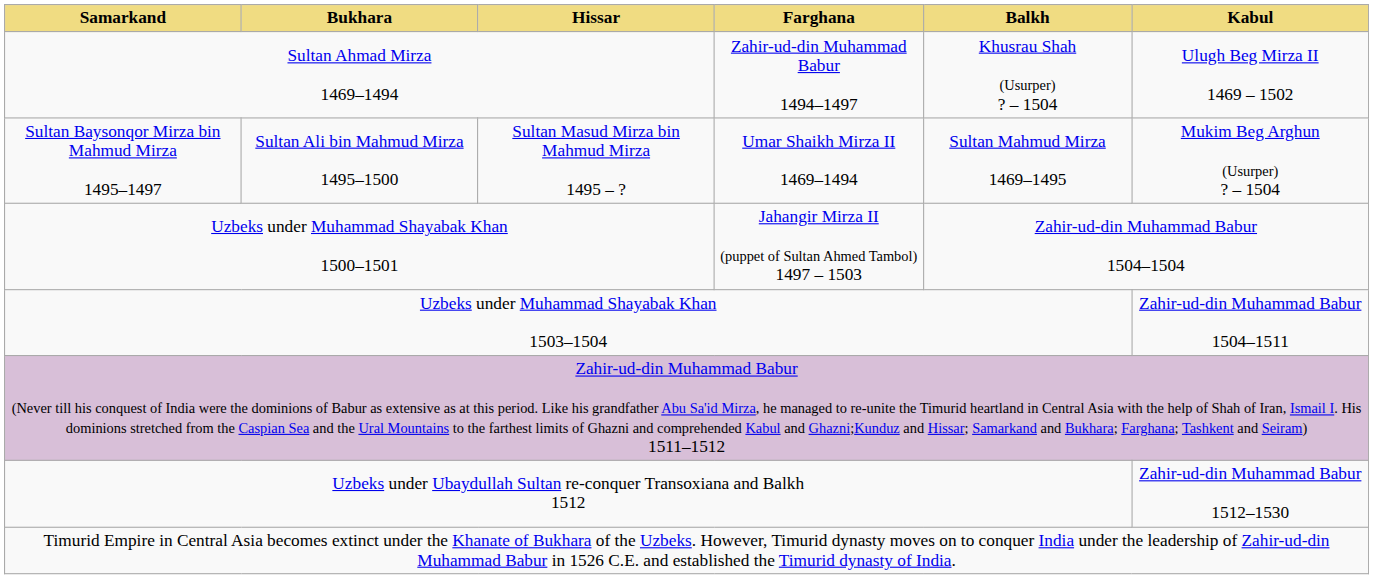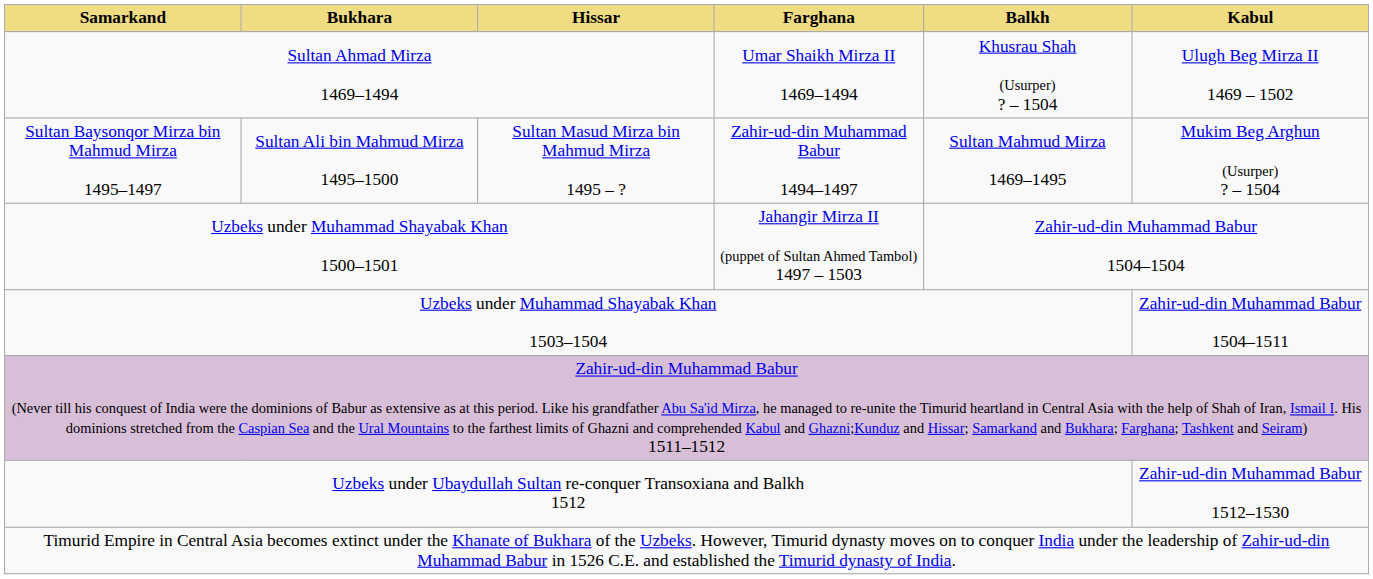 <table style="width:100%;" class="wikitable">
 <tr>
 <th style="background:#f0dc82; width:17%;">Samarkand</th>
 <th style="background:#f0dc82; width:17%;">Bukhara</th>
 <th style="background:#f0dc82; width:17%;">Hissar</th>
 <th style="background:#f0dc82; width:15%;">Farghana</th>
 <th style="background:#f0dc82; width:15%;">Balkh</th>
 <th style="background:#f0dc82; width:17%;">Kabul</th>
 </tr>
 <tr>
 <td colspan="3" style="text-align:center;"><a href='#'>Sultan Ahmad Mirza</a> <br> <small></small><br>1469–1494</td>
-<td style="text-align:center;"><a href='#'>Zahir-ud-din Muhammad Babur</a><br> <small></small><br>1494–1497</td>
+<td style="text-align:center;"><a href='#'>Umar Shaikh Mirza II</a> <br> <small></small><br>1469–1494</td>
 <td style="text-align:center;"><a href='#'>Khusrau Shah</a><small> <br> </small><br><small>(Usurper)</small><br>? – 1504</td>
 <td style="text-align:center;"><a href='#'>Ulugh Beg Mirza II</a><br> <small></small><br>1469 – 1502</td>
 </tr>
 <tr>
 <td style="text-align:center;"><a href='#'>Sultan Baysonqor Mirza bin Mahmud Mirza</a> <br> <small></small><br>1495–1497</td>
 <td style="text-align:center;"><a href='#'>Sultan Ali bin Mahmud Mirza</a> <br> <small></small><br>1495–1500</td>
 <td style="text-align:center;"><a href='#'>Sultan Masud Mirza bin Mahmud Mirza</a><br> <small></small><br>1495 – ?</td>
-<td style="text-align:center;"><a href='#'>Umar Shaikh Mirza II</a> <br> <small></small><br>1469–1494</td>
+<td style="text-align:center;"><a href='#'>Zahir-ud-din Muhammad Babur</a><br> <small></small><br>1494–1497</td>
 <td style="text-align:center;"><a href='#'>Sultan Mahmud Mirza</a><br> <small></small><br>1469–1495</td>
 <td style="text-align:center;"><a href='#'>Mukim Beg Arghun</a> <br> <small></small><br><small>(Usurper)</small><br>? – 1504</td>
 </tr>
 <tr>
 <td colspan="3" style="text-align:center;"><a href='#'>Uzbeks</a> under <a href='#'>Muhammad Shayabak Khan</a><br> <small></small><br>1500–1501</td>
 <td style="text-align:center;"><a href='#'>Jahangir Mirza II</a><br> <small></small><br><small>(puppet of Sultan Ahmed Tambol)</small><br>1497 – 1503</td>
 <td colspan="5" style="text-align:center;"><a href='#'>Zahir-ud-din Muhammad Babur</a><br> <small></small><br>1504–1504</td>
 </tr>
 <tr>
 <td colspan="5" style="text-align:center;"><a href='#'>Uzbeks</a> under <a href='#'>Muhammad Shayabak Khan</a><br> <small></small><br>1503–1504</td>
 <td style="text-align:center;"><a href='#'>Zahir-ud-din Muhammad Babur</a><br> <small></small><br>1504–1511</td>
 </tr>
 <tr style="background:thistle;">
 <td colspan="6" style="text-align:center;"><a href='#'>Zahir-ud-din Muhammad Babur</a><br> <small></small><br> <small>(Never till his conquest of India were the dominions of Babur as extensive as at this period. Like his grandfather <a href='#'>Abu Sa'id Mirza</a>, he managed to re-unite the Timurid heartland in Central Asia with the help of Shah of Iran, <a href='#'>Ismail I</a>. His dominions stretched from the <a href='#'>Caspian Sea</a> and the <a href='#'>Ural Mountains</a> to the farthest limits of Ghazni and comprehended <a href='#'>Kabul</a> and <a href='#'>Ghazni</a>;<a href='#'>Kunduz</a> and <a href='#'>Hissar</a>; <a href='#'>Samarkand</a> and <a href='#'>Bukhara</a>; <a href='#'>Farghana</a>; <a href='#'>Tashkent</a> and <a href='#'>Seiram</a>)</small> <br>1511–1512</td>
 </tr>
 <tr>
 <td colspan="5" style="text-align:center;"><a href='#'>Uzbeks</a> under <a href='#'>Ubaydullah Sultan</a> <small></small> re-conquer Transoxiana and Balkh <br> 1512</td>
 <td style="text-align:center;"><a href='#'>Zahir-ud-din Muhammad Babur</a><br> <small></small><br>1512–1530</td>
 </tr>
 <tr>
 <td colspan="6" style="text-align:center;">Timurid Empire in Central Asia becomes extinct under the <a href='#'>Khanate of Bukhara</a> of the <a href='#'>Uzbeks</a>. However, Timurid dynasty moves on to conquer <a href='#'>India</a> under the leadership of <a href='#'>Zahir-ud-din Muhammad Babur</a> in 1526 C.E. and established the <a href='#'>Timurid dynasty of India</a>.</td>
 </tr>
 </table>
